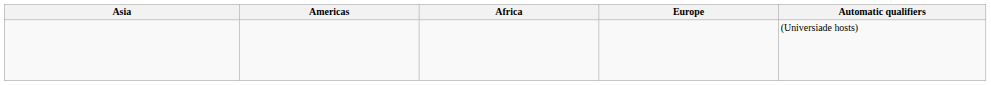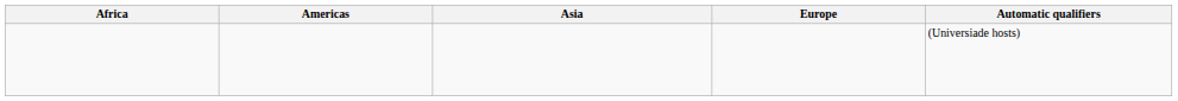 <table class=wikitable width=100%>
 <tr>
+<th width=13%>Africa</th>
+<th width=13%>Americas</th>
 <th width=17%>Asia</th>
-<th width=13%>Americas</th>
-<th width=13%>Africa</th>
 <th width=13%>Europe</th>
 <th width=15%>Automatic qualifiers</th>
 </tr>
 <tr valign=top>
+<td><br></td>
+<td><br><br><br><br></td>
 <td><br><br></td>
-<td><br><br><br><br></td>
-<td><br></td>
 <td><br><br> <br><br><br></td>
 <td> (Universiade hosts)</td>
 </tr>
 </table>
